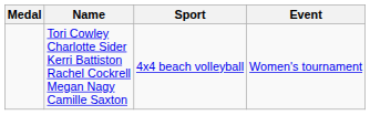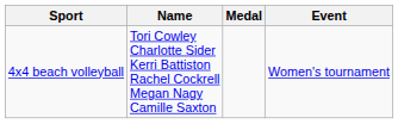 <table class="wikitable sortable" style="font-size: 95%;">
 <tr>
+<th>Sport</th>
+<th>Name</th>
 <th>Medal</th>
-<th>Name</th>
-<th>Sport</th>
 <th>Event</th>
 </tr>
 <tr>
+<td><a href='#'>4x4 beach volleyball</a></td>
+<td><a href='#'>Tori Cowley</a><br><a href='#'>Charlotte Sider</a><br><a href='#'>Kerri Battiston</a><br><a href='#'>Rachel Cockrell</a><br><a href='#'>Megan Nagy</a><br><a href='#'>Camille Saxton</a></td>
 <td></td>
-<td><a href='#'>Tori Cowley</a><br><a href='#'>Charlotte Sider</a><br><a href='#'>Kerri Battiston</a><br><a href='#'>Rachel Cockrell</a><br><a href='#'>Megan Nagy</a><br><a href='#'>Camille Saxton</a></td>
-<td><a href='#'>4x4 beach volleyball</a></td>
 <td><a href='#'>Women's tournament</a></td>
 </tr>
 </table>
